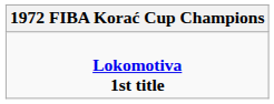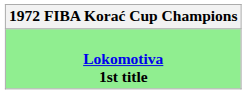 <table class=wikitable style="text-align:center; margin:auto">
 <tr>
 <th>1972 FIBA Korać Cup Champions</th>
 </tr>
 <tr>
-<td><br> <strong><a href='#'>Lokomotiva</a></strong> <br> <strong>1st title</strong></td>
+<td style="background: lightgreen;"><br> <strong><a href='#'>Lokomotiva</a></strong> <br> <strong>1st title</strong></td>
 </tr>
 </table>
